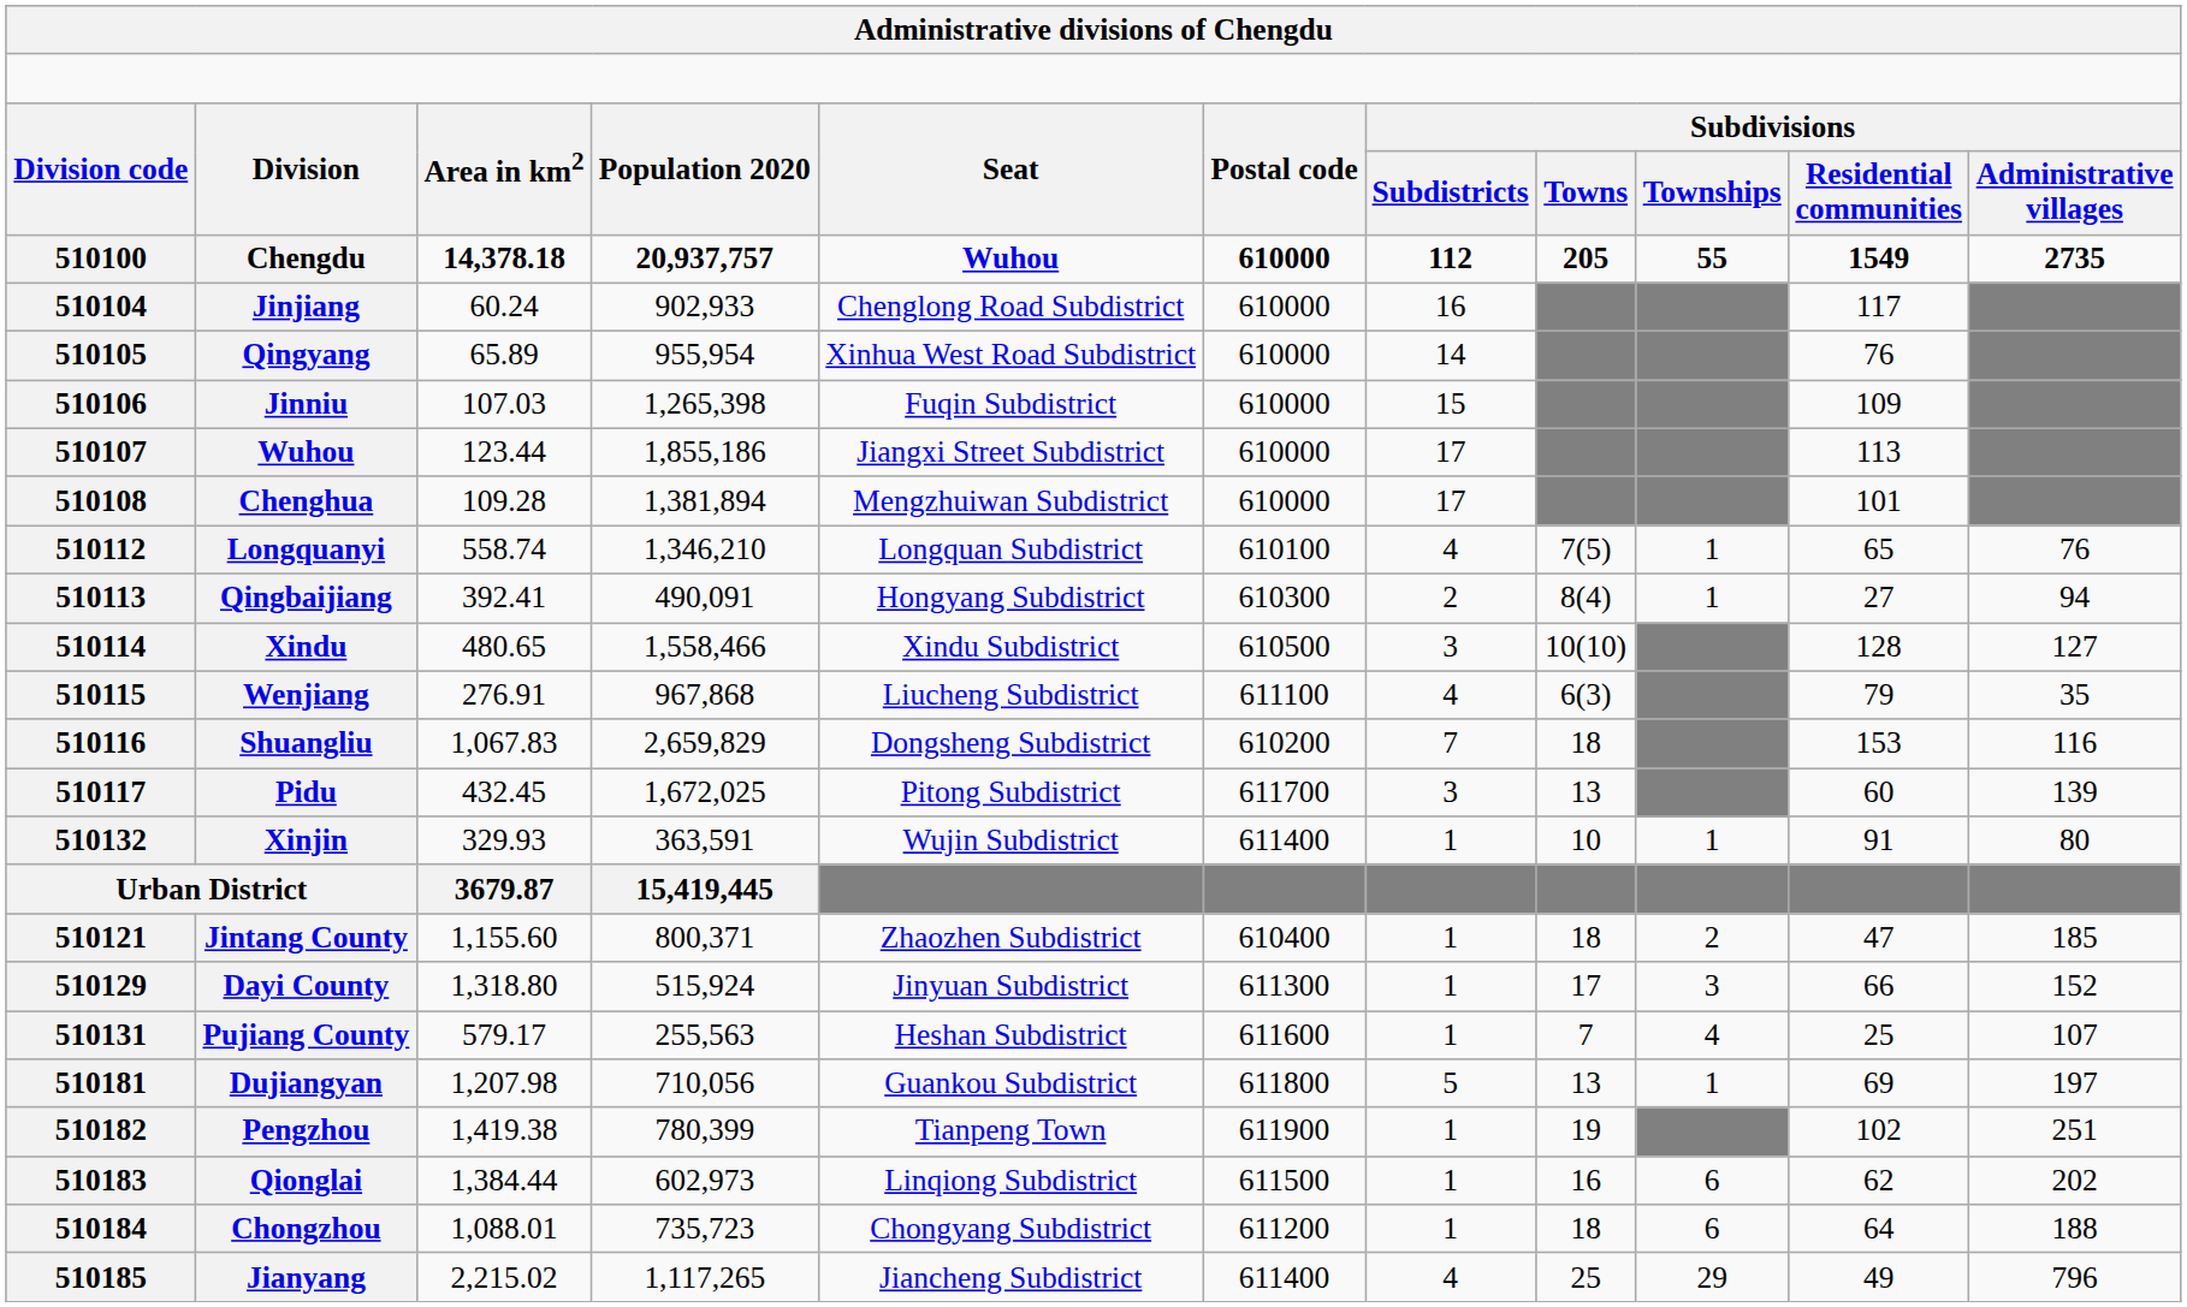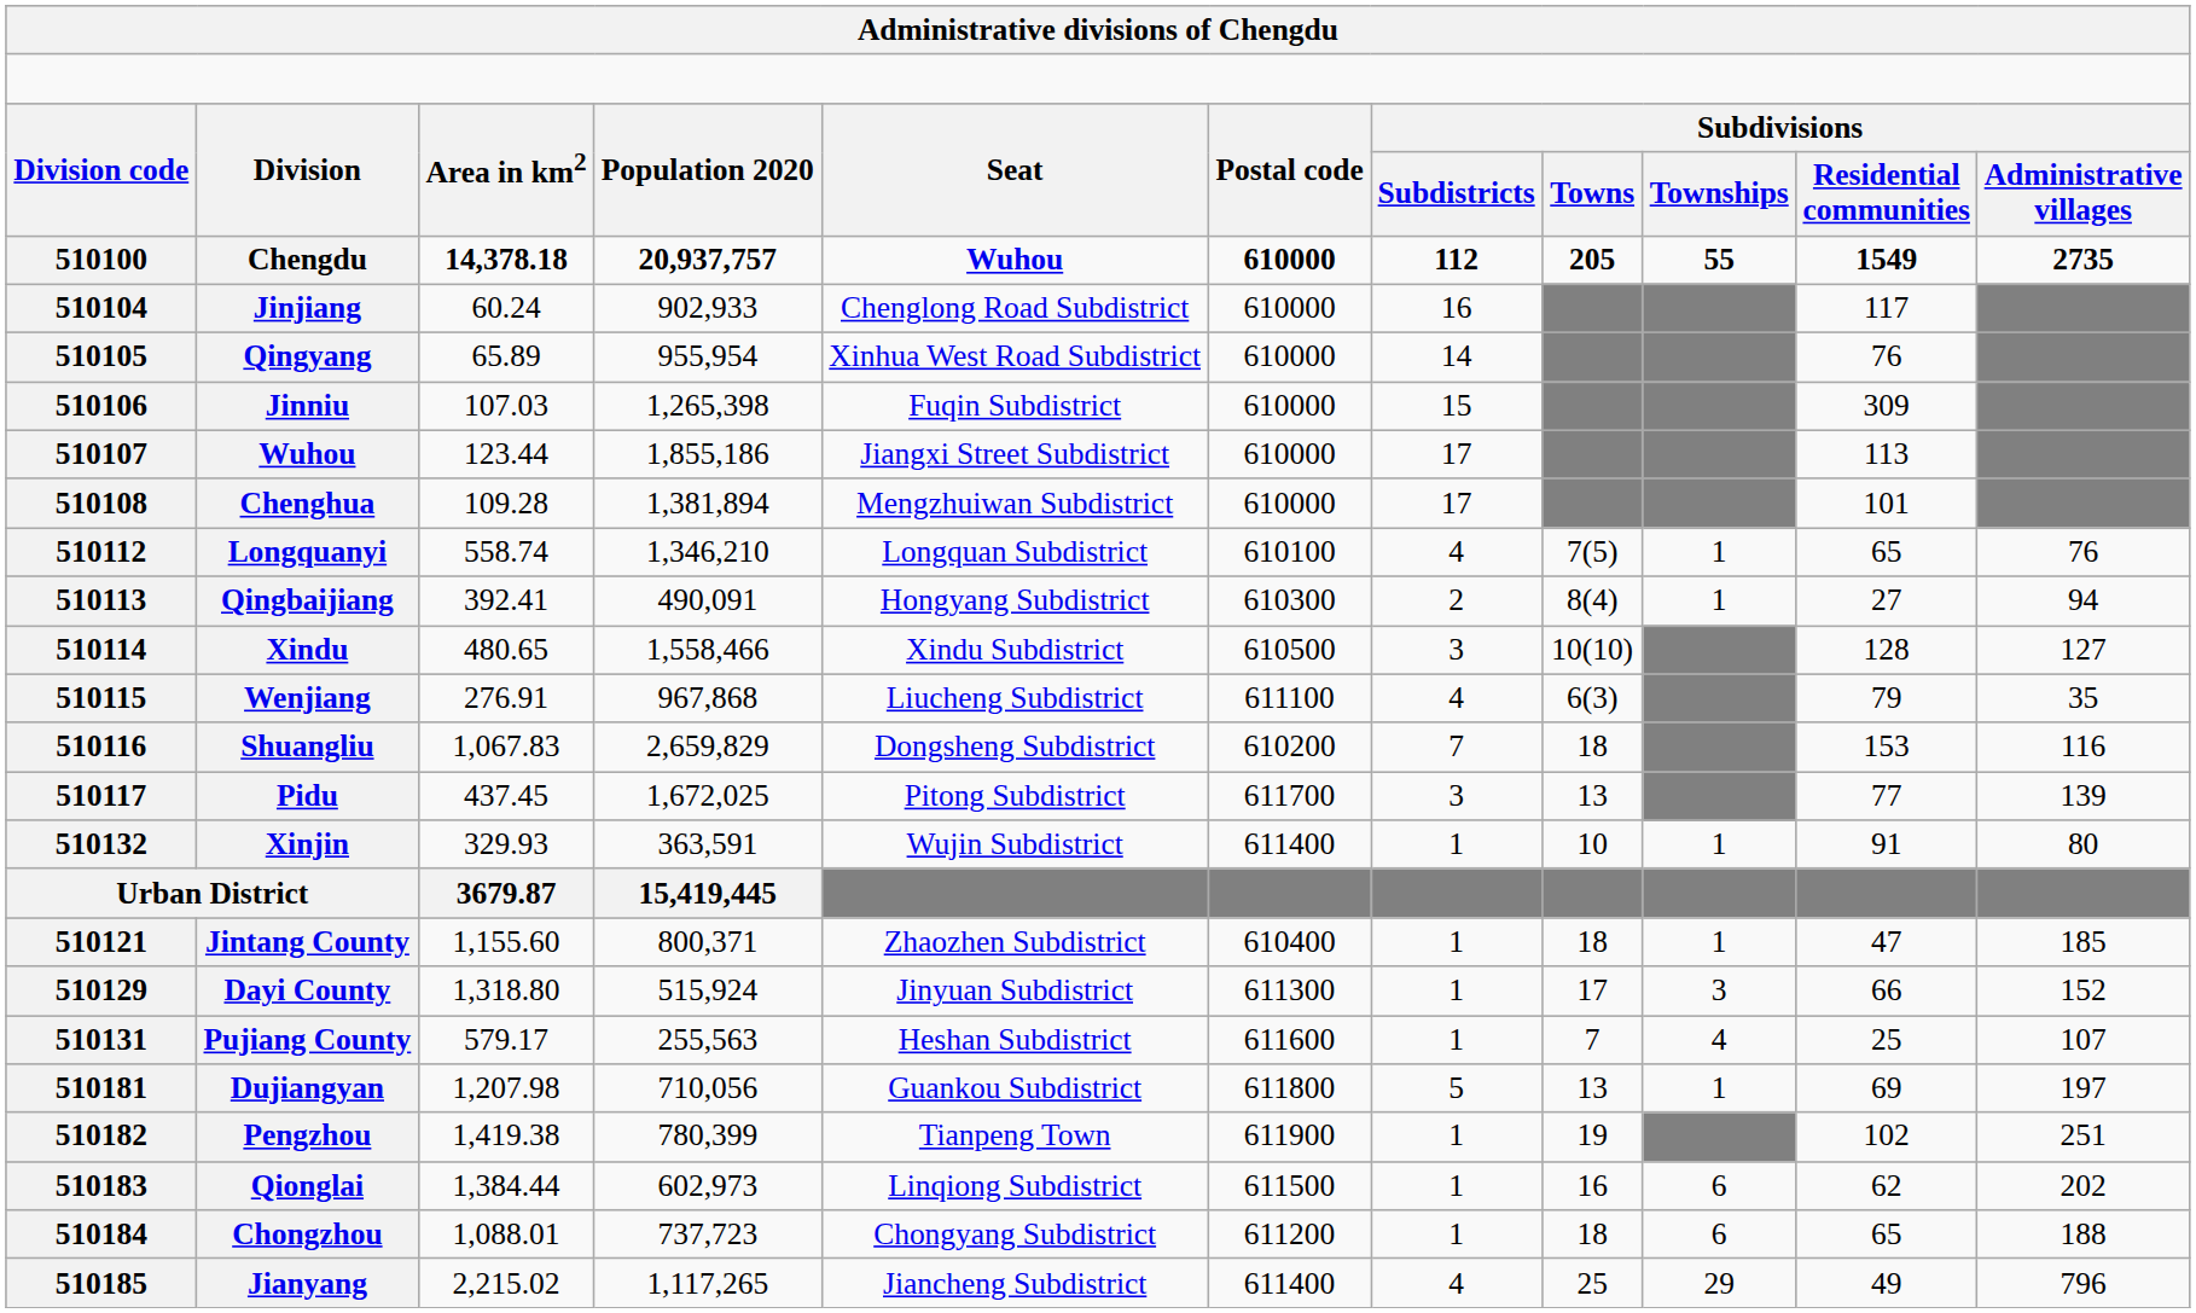 <table class="wikitable sortable" style="margin:1em auto 1em auto; width:90%; text-align:center">
 <tr>
 <th colspan="12">Administrative divisions of Chengdu</th>
 </tr>
 <tr>
 <td colspan="12"><div><br>                       </div></td>
 </tr>
 <tr>
 <th ! scope="col" rowspan=2><a href='#'>Division code</a></th>
 <th ! scope="col" rowspan=2>Division</th>
 <th ! scope="col" rowspan=2>Area in km<sup>2</sup></th>
 <th ! scope="col" rowspan=2>Population 2020</th>
 <th ! scope="col" rowspan=2>Seat</th>
 <th ! scope="col" rowspan=2>Postal code</th>
 <th ! scope="col" colspan=5>Subdivisions</th>
 </tr>
 <tr>
 <th ! scope="col" style="width:45px;"><a href='#'>Subdistricts</a></th>
 <th ! scope="col" style="width:45px;"><a href='#'>Towns</a></th>
 <th ! scope="col" style="width:45px;"><a href='#'>Townships</a></th>
 <th ! scope="col" style="width:45px;"><a href='#'>Residential communities</a></th>
 <th ! scope="col" style="width:45px;"><a href='#'>Administrative villages</a></th>
 </tr>
 <tr style="font-weight: bold">
 <th>510100</th>
 <th>Chengdu</th>
 <td>14,378.18</td>
 <td>20,937,757</td>
 <td><a href='#'>Wuhou</a></td>
 <td>610000</td>
 <td>112</td>
 <td>205</td>
 <td>55</td>
 <td>1549</td>
 <td>2735</td>
 </tr>
 <tr>
 <th>510104</th>
 <th><a href='#'>Jinjiang</a></th>
 <td>60.24</td>
 <td>902,933</td>
 <td><a href='#'>Chenglong Road Subdistrict</a></td>
 <td>610000</td>
 <td>16</td>
 <td style="background:gray;"> </td>
 <td style="background:gray;"> </td>
 <td>117</td>
 <td style="background:gray;"> </td>
 </tr>
 <tr>
 <th>510105</th>
 <th><a href='#'>Qingyang</a></th>
 <td>65.89</td>
 <td>955,954</td>
 <td><a href='#'>Xinhua West Road Subdistrict</a></td>
 <td>610000</td>
 <td>14</td>
 <td style="background:gray;"> </td>
 <td style="background:gray;"> </td>
 <td>76</td>
 <td style="background:gray;"> </td>
 </tr>
 <tr>
 <th>510106</th>
 <th><a href='#'>Jinniu</a></th>
 <td>107.03</td>
 <td>1,265,398</td>
 <td><a href='#'>Fuqin Subdistrict</a></td>
 <td>610000</td>
 <td>15</td>
 <td style="background:gray;"> </td>
 <td style="background:gray;"> </td>
-<td>109</td>
+<td>309</td>
 <td style="background:gray;"> </td>
 </tr>
 <tr>
 <th>510107</th>
 <th><a href='#'>Wuhou</a></th>
 <td>123.44</td>
 <td>1,855,186</td>
 <td><a href='#'>Jiangxi Street Subdistrict</a></td>
 <td>610000</td>
 <td>17</td>
 <td style="background:gray;"> </td>
 <td style="background:gray;"> </td>
 <td>113</td>
 <td style="background:gray;"> </td>
 </tr>
 <tr>
 <th>510108</th>
 <th><a href='#'>Chenghua</a></th>
 <td>109.28</td>
 <td>1,381,894</td>
 <td><a href='#'>Mengzhuiwan Subdistrict</a></td>
 <td>610000</td>
 <td>17</td>
 <td style="background:gray;"> </td>
 <td style="background:gray;"> </td>
 <td>101</td>
 <td style="background:gray;"> </td>
 </tr>
 <tr>
 <th>510112</th>
 <th><a href='#'>Longquanyi</a></th>
 <td>558.74</td>
 <td>1,346,210</td>
 <td><a href='#'>Longquan Subdistrict</a></td>
 <td>610100</td>
 <td>4</td>
 <td>7(5)</td>
 <td>1</td>
 <td>65</td>
 <td>76</td>
 </tr>
 <tr>
 <th>510113</th>
 <th><a href='#'>Qingbaijiang</a></th>
 <td>392.41</td>
 <td>490,091</td>
 <td><a href='#'>Hongyang Subdistrict</a></td>
 <td>610300</td>
 <td>2</td>
 <td>8(4)</td>
 <td>1</td>
 <td>27</td>
 <td>94</td>
 </tr>
 <tr>
 <th>510114</th>
 <th><a href='#'>Xindu</a></th>
 <td>480.65</td>
 <td>1,558,466</td>
 <td><a href='#'>Xindu Subdistrict</a></td>
 <td>610500</td>
 <td>3</td>
 <td>10(10)</td>
 <td style="background:gray;"> </td>
 <td>128</td>
 <td>127</td>
 </tr>
 <tr>
 <th>510115</th>
 <th><a href='#'>Wenjiang</a></th>
 <td>276.91</td>
 <td>967,868</td>
 <td><a href='#'>Liucheng Subdistrict</a></td>
 <td>611100</td>
 <td>4</td>
 <td>6(3)</td>
 <td style="background:gray;"> </td>
 <td>79</td>
 <td>35</td>
 </tr>
 <tr>
 <th>510116</th>
 <th><a href='#'>Shuangliu</a></th>
 <td>1,067.83</td>
 <td>2,659,829</td>
 <td><a href='#'>Dongsheng Subdistrict</a></td>
 <td>610200</td>
 <td>7</td>
 <td>18</td>
 <td style="background:gray;"> </td>
 <td>153</td>
 <td>116</td>
 </tr>
 <tr>
 <th>510117</th>
 <th><a href='#'>Pidu</a></th>
-<td>432.45</td>
+<td>437.45</td>
 <td>1,672,025</td>
 <td><a href='#'>Pitong Subdistrict</a></td>
 <td>611700</td>
 <td>3</td>
 <td>13</td>
 <td style="background:gray;"> </td>
-<td>60</td>
+<td>77</td>
 <td>139</td>
 </tr>
 <tr>
 <th>510132</th>
 <th><a href='#'>Xinjin</a></th>
 <td>329.93</td>
 <td>363,591</td>
 <td><a href='#'>Wujin Subdistrict</a></td>
 <td>611400</td>
 <td>1</td>
 <td>10</td>
 <td>1</td>
 <td>91</td>
 <td>80</td>
 </tr>
 <tr>
 <th colspan="2">Urban District</th>
 <th>3679.87</th>
 <th>15,419,445</th>
 <td style="background:gray;"> </td>
 <td style="background:gray;"> </td>
 <td style="background:gray;"> </td>
 <td style="background:gray;"> </td>
 <td style="background:gray;"> </td>
 <td style="background:gray;"> </td>
 <td style="background:gray;"> </td>
 </tr>
 <tr>
 <th>510121</th>
 <th><a href='#'>Jintang County</a></th>
 <td>1,155.60</td>
 <td>800,371</td>
 <td><a href='#'>Zhaozhen Subdistrict</a></td>
 <td>610400</td>
 <td>1</td>
 <td>18</td>
-<td>2</td>
+<td>1</td>
 <td>47</td>
 <td>185</td>
 </tr>
 <tr>
 <th>510129</th>
 <th><a href='#'>Dayi County</a></th>
 <td>1,318.80</td>
 <td>515,924</td>
 <td><a href='#'>Jinyuan Subdistrict</a></td>
 <td>611300</td>
 <td>1</td>
 <td>17</td>
 <td>3</td>
 <td>66</td>
 <td>152</td>
 </tr>
 <tr>
 <th>510131</th>
 <th><a href='#'>Pujiang County</a></th>
 <td>579.17</td>
 <td>255,563</td>
 <td><a href='#'>Heshan Subdistrict</a></td>
 <td>611600</td>
 <td>1</td>
 <td>7</td>
 <td>4</td>
 <td>25</td>
 <td>107</td>
 </tr>
 <tr>
 <th>510181</th>
 <th><a href='#'>Dujiangyan</a></th>
 <td>1,207.98</td>
 <td>710,056</td>
 <td><a href='#'>Guankou Subdistrict</a></td>
 <td>611800</td>
 <td>5</td>
 <td>13</td>
 <td>1</td>
 <td>69</td>
 <td>197</td>
 </tr>
 <tr>
 <th>510182</th>
 <th><a href='#'>Pengzhou</a></th>
 <td>1,419.38</td>
 <td>780,399</td>
 <td><a href='#'>Tianpeng Town</a></td>
 <td>611900</td>
 <td>1</td>
 <td>19</td>
 <td style="background:gray;"> </td>
 <td>102</td>
 <td>251</td>
 </tr>
 <tr>
 <th>510183</th>
 <th><a href='#'>Qionglai</a></th>
 <td>1,384.44</td>
 <td>602,973</td>
 <td><a href='#'>Linqiong Subdistrict</a></td>
 <td>611500</td>
 <td>1</td>
 <td>16</td>
 <td>6</td>
 <td>62</td>
 <td>202</td>
 </tr>
 <tr>
 <th>510184</th>
 <th><a href='#'>Chongzhou</a></th>
 <td>1,088.01</td>
-<td>735,723</td>
+<td>737,723</td>
 <td><a href='#'>Chongyang Subdistrict</a></td>
 <td>611200</td>
 <td>1</td>
 <td>18</td>
 <td>6</td>
-<td>64</td>
+<td>65</td>
 <td>188</td>
 </tr>
 <tr>
 <th>510185</th>
 <th><a href='#'>Jianyang</a></th>
 <td>2,215.02</td>
 <td>1,117,265</td>
 <td><a href='#'>Jiancheng Subdistrict</a></td>
 <td>611400</td>
 <td>4</td>
 <td>25</td>
 <td>29</td>
 <td>49</td>
 <td>796</td>
 </tr>
 </table>
